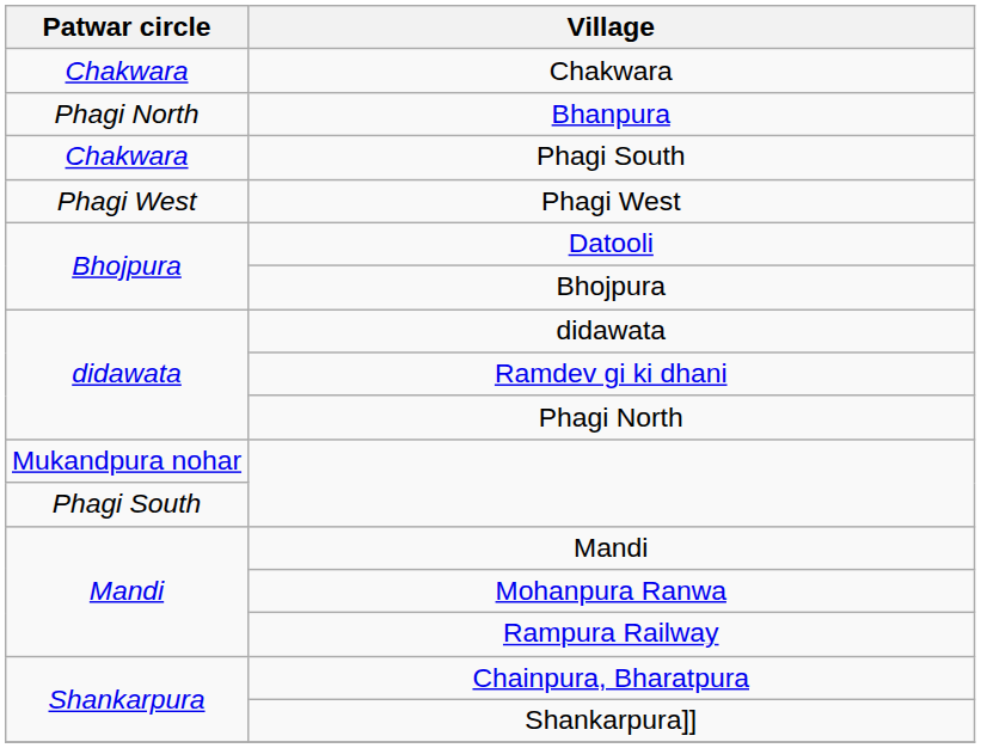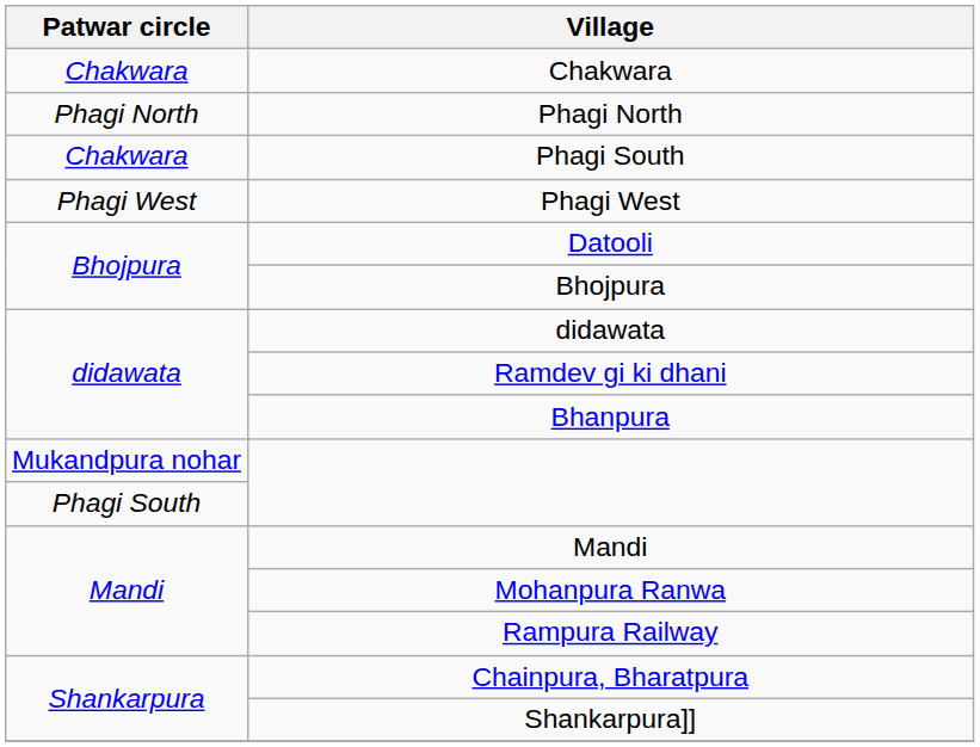 <table class="wikitable">
 <tr style="text-align:center;">
 <th colspan="1"><strong>Patwar circle</strong></th>
 <th style="width:75%;"><strong>Village</strong></th>
 </tr>
 <tr>
 <td rowspan="1" style="text-align:center;"><em><a href='#'>Chakwara</a></em></td>
 <td style="text-align:center;">Chakwara</td>
 </tr>
 <tr>
 <td rowspan="1" style="text-align:center;"><em>Phagi North</em></td>
-<td style="text-align:center;"><a href='#'>Bhanpura</a></td>
+<td style="text-align:center;">Phagi North</td>
 </tr>
 <tr>
 <td rowspan="1" style="text-align:center;"><em><a href='#'>Chakwara</a></em></td>
 <td style="text-align:center;">Phagi South</td>
 </tr>
 <tr>
 <td rowspan="1" style="text-align:center;"><em>Phagi West</em></td>
 <td style="text-align:center;">Phagi West</td>
 </tr>
 <tr>
 <td rowspan="2" style="text-align:center;"><em><a href='#'>Bhojpura</a></em></td>
 <td style="text-align:center;"><a href='#'>Datooli</a></td>
 </tr>
 <tr>
 <td style="text-align:center;">Bhojpura</td>
 </tr>
 <tr>
 <td rowspan="3" style="text-align:center;"><em><a href='#'>didawata</a></em></td>
 <td style="text-align:center;">didawata</td>
 </tr>
 <tr>
 <td style="text-align:center;"><a href='#'>Ramdev gi ki dhani</a></td>
 </tr>
 <tr>
-<td style="text-align:center;">Phagi North</td>
+<td style="text-align:center;"><a href='#'>Bhanpura</a></td>
 </tr>
 <tr>
 <td style="text-align:center;"><a href='#'>Mukandpura nohar</a></td>
 </tr>
 <tr>
 <td rowspan="1" style="text-align:center;"><em>Phagi South</em></td>
 </tr>
 <tr>
 <td rowspan="3" style="text-align:center;"><em><a href='#'>Mandi</a></em></td>
 <td style="text-align:center;">Mandi</td>
 </tr>
 <tr>
 <td style="text-align:center;"><a href='#'>Mohanpura Ranwa</a></td>
 </tr>
 <tr>
 <td style="text-align:center;"><a href='#'>Rampura Railway</a></td>
 </tr>
 <tr>
 <td rowspan="2" style="text-align:center;"><em><a href='#'>Shankarpura</a></em></td>
 <td style="text-align:center;"><a href='#'>Chainpura, Bharatpura</a></td>
 </tr>
 <tr>
 <td style="text-align:center;">Shankarpura]]</td>
 </tr>
 <tr>
 </tr>
 </table>
